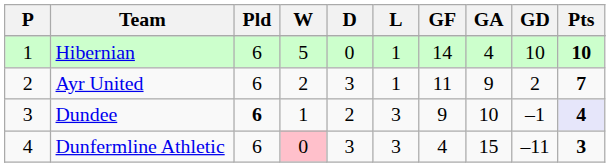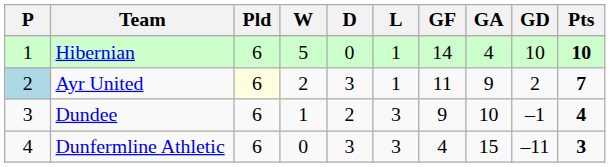 <table class="wikitable" style="text-align: center;">
 <tr>
 <th width=30>P</th>
 <th width=140>Team</th>
 <th width=30>Pld</th>
 <th width=30>W</th>
 <th width=30>D</th>
 <th width=30>L</th>
 <th width=30>GF</th>
 <th width=30>GA</th>
 <th width=30>GD</th>
 <th width=30>Pts</th>
 </tr>
 <tr>
 </tr>
 <tr style="background:#ccffcc;">
 <td>1</td>
 <td align=left><a href='#'>Hibernian</a></td>
 <td>6</td>
 <td>5</td>
 <td>0</td>
 <td>1</td>
 <td>14</td>
 <td>4</td>
 <td>10</td>
 <td><strong>10</strong></td>
 </tr>
 <tr>
-<td>2</td>
+<td style="background: lightblue;">2</td>
 <td align=left><a href='#'>Ayr United</a></td>
-<td>6</td>
+<td style="background: lightyellow;">6</td>
 <td>2</td>
 <td>3</td>
 <td>1</td>
 <td>11</td>
 <td>9</td>
 <td>2</td>
 <td><strong>7</strong></td>
 </tr>
 <tr>
 <td>3</td>
 <td align=left><a href='#'>Dundee</a></td>
-<td><strong>6</strong></td>
+<td>6</td>
 <td>1</td>
 <td>2</td>
 <td>3</td>
 <td>9</td>
 <td>10</td>
 <td>–1</td>
-<td style="background: lavender;"><strong>4</strong></td>
+<td><strong>4</strong></td>
 </tr>
 <tr>
 <td>4</td>
 <td align=left><a href='#'>Dunfermline Athletic</a></td>
 <td>6</td>
-<td style="background: pink;">0</td>
+<td>0</td>
 <td>3</td>
 <td>3</td>
 <td>4</td>
 <td>15</td>
 <td>–11</td>
 <td><strong>3</strong></td>
 </tr>
 </table>
